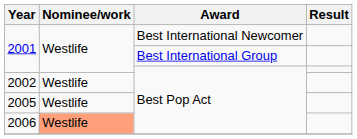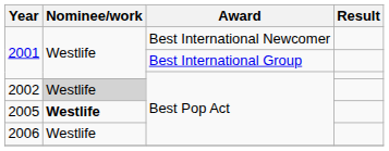 <table class="wikitable">
 <tr>
 <th>Year</th>
 <th>Nominee/work</th>
 <th>Award</th>
 <th>Result</th>
 </tr>
 <tr>
 <td rowspan="3"><a href='#'>2001</a></td>
 <td rowspan="3">Westlife</td>
 <td>Best International Newcomer</td>
 <td></td>
 </tr>
 <tr>
 <td><a href='#'>Best International Group</a></td>
 <td></td>
 </tr>
 <tr>
 <td rowspan="4">Best Pop Act</td>
 <td></td>
 </tr>
 <tr>
 <td>2002</td>
-<td>Westlife</td>
+<td style="background: lightgrey;">Westlife</td>
 <td></td>
 </tr>
 <tr>
 <td>2005</td>
-<td>Westlife</td>
+<td><strong>Westlife</strong></td>
 <td></td>
 </tr>
 <tr>
 <td>2006</td>
-<td style="background: lightsalmon;">Westlife</td>
+<td>Westlife</td>
 <td></td>
 </tr>
 <tr>
 </tr>
 </table>
